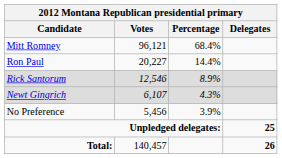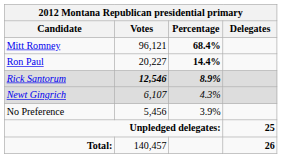 <table class="wikitable" style="font-size:95%;">
 <tr>
 <th colspan="4">2012 Montana Republican presidential primary</th>
 </tr>
 <tr>
 <th width="160px">Candidate</th>
 <th width="75px">Votes</th>
 <th width="75px">Percentage</th>
 <th width="75px">Delegates</th>
 </tr>
 <tr align="right">
 <td align="left"><a href='#'>Mitt Romney</a></td>
 <td>96,121</td>
-<td>68.4%</td>
+<td><strong>68.4%</strong></td>
 <td></td>
 </tr>
 <tr align="right">
 <td align="left"><a href='#'>Ron Paul</a></td>
 <td>20,227</td>
-<td>14.4%</td>
+<td><strong>14.4%</strong></td>
 <td></td>
 </tr>
 <tr align="right" bgcolor=DDDDDD>
 <td align="left"><em><a href='#'>Rick Santorum</a></em></td>
-<td><em>12,546</em></td>
-<td><em>8.9%</em></td>
+<td><strong><em>12,546</em></strong></td>
+<td><strong><em>8.9%</em></strong></td>
 <td></td>
 </tr>
 <tr align="right" bgcolor=DDDDDD>
 <td align="left"><em><a href='#'>Newt Gingrich</a></em></td>
 <td><em>6,107</em></td>
 <td><em>4.3%</em></td>
 <td></td>
 </tr>
 <tr align="right">
 <td align="left">No Preference</td>
 <td>5,456</td>
 <td>3.9%</td>
 <td></td>
 </tr>
 <tr align="right">
 <td colspan="3"><strong>Unpledged delegates:</strong></td>
 <td><strong>25</strong></td>
 </tr>
 <tr align="right">
 <td><strong>Total:</strong></td>
 <td>140,457</td>
 <td></td>
 <td><strong>26</strong></td>
 </tr>
 </table>
